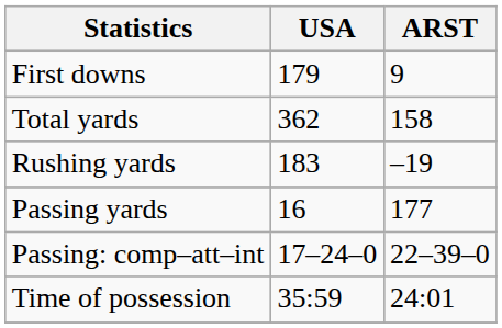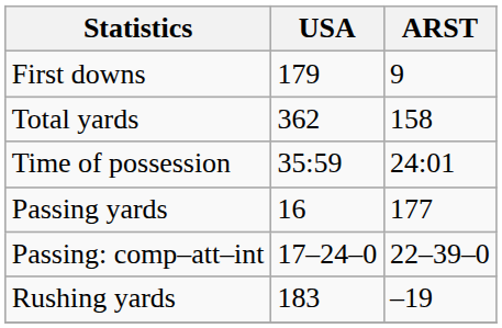 <table class="wikitable" style="float: left;">
 <tr>
 <th>Statistics</th>
 <th>USA</th>
 <th>ARST</th>
 </tr>
 <tr>
 <td>First downs</td>
 <td>179</td>
 <td>9</td>
 </tr>
 <tr>
 <td>Total yards</td>
 <td>362</td>
 <td>158</td>
 </tr>
 <tr>
-<td>Rushing yards</td>
-<td>183</td>
-<td>–19</td>
+<td>Time of possession</td>
+<td>35:59</td>
+<td>24:01</td>
 </tr>
 <tr>
 <td>Passing yards</td>
 <td>16</td>
 <td>177</td>
 </tr>
 <tr>
 <td>Passing: comp–att–int</td>
 <td>17–24–0</td>
 <td>22–39–0</td>
 </tr>
 <tr>
-<td>Time of possession</td>
-<td>35:59</td>
-<td>24:01</td>
+<td>Rushing yards</td>
+<td>183</td>
+<td>–19</td>
 </tr>
 <tr>
 </tr>
 </table>
